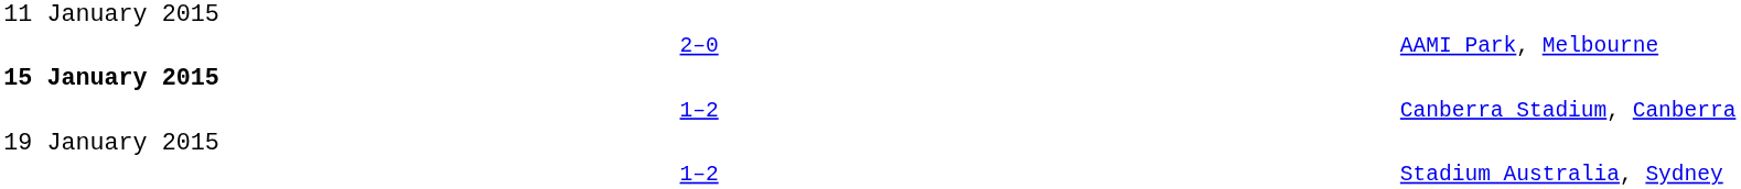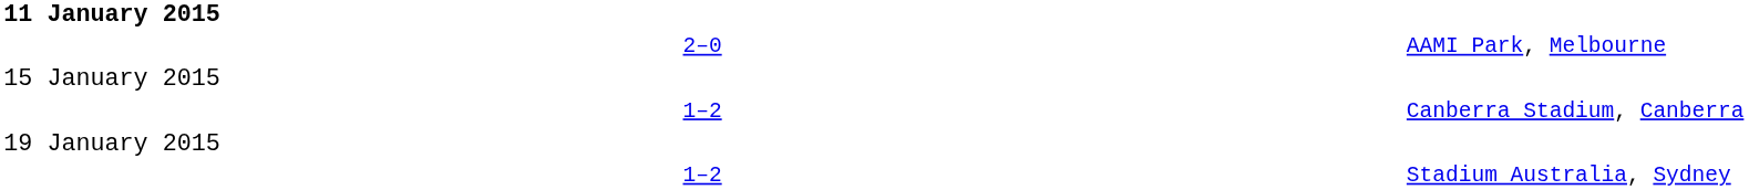 <table style="width:100%" cellspacing="1">
 <tr>
 <th width=25%></th>
 <th width=10%></th>
 <th width=25%></th>
 </tr>
 <tr>
-<td>11 January 2015</td>
+<td><strong>11 January 2015</strong></td>
 </tr>
 <tr style=font-size:90%>
 <td align=right></td>
 <td align=center><a href='#'>2–0</a></td>
 <td></td>
 <td><a href='#'>AAMI Park</a>, <a href='#'>Melbourne</a></td>
 </tr>
 <tr>
-<td><strong>15 January 2015</strong></td>
+<td>15 January 2015</td>
 </tr>
 <tr style=font-size:90%>
 <td align=right></td>
 <td align=center><a href='#'>1–2</a></td>
 <td></td>
 <td><a href='#'>Canberra Stadium</a>, <a href='#'>Canberra</a></td>
 </tr>
 <tr>
 <td>19 January 2015</td>
 </tr>
 <tr style=font-size:90%>
 <td align=right></td>
 <td align=center><a href='#'>1–2</a></td>
 <td></td>
 <td><a href='#'>Stadium Australia</a>, <a href='#'>Sydney</a></td>
 </tr>
 </table>
